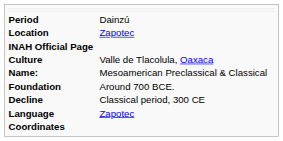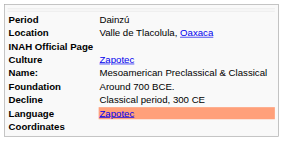 <table class="infobox" style="font-size:90%; text-align:left; width:28.5em">
 <tr>
 <td style="background:#efefef;" align="center" colspan="2"></td>
 </tr>
 <tr>
 <td style="background:#efefef;" align="center" colspan="2"></td>
 </tr>
 <tr>
 <td><strong>Period</strong></td>
 <td>Dainzú</td>
 </tr>
 <tr>
 <td><strong>Location</strong></td>
-<td><a href='#'>Zapotec</a></td>
+<td>Valle de Tlacolula, <a href='#'>Oaxaca</a><br></td>
 </tr>
 <tr>
 <td><strong>INAH Official Page</strong></td>
 <td></td>
 </tr>
 <tr>
 <td><strong>Culture</strong></td>
-<td>Valle de Tlacolula, <a href='#'>Oaxaca</a><br></td>
+<td><a href='#'>Zapotec</a></td>
 </tr>
 <tr>
 <td><strong>Name:</strong></td>
 <td>Mesoamerican Preclassical & Classical</td>
 </tr>
 <tr>
 <td><strong>Foundation</strong></td>
 <td>Around 700 BCE.</td>
 </tr>
 <tr>
 <td><strong>Decline</strong></td>
 <td>Classical period, 300 CE</td>
 </tr>
 <tr>
 <td><strong>Language</strong></td>
-<td><a href='#'>Zapotec</a></td>
+<td style="background: lightsalmon;"><a href='#'>Zapotec</a></td>
 </tr>
 <tr>
 <td><strong>Coordinates</strong></td>
 <td></td>
 </tr>
 </table>
